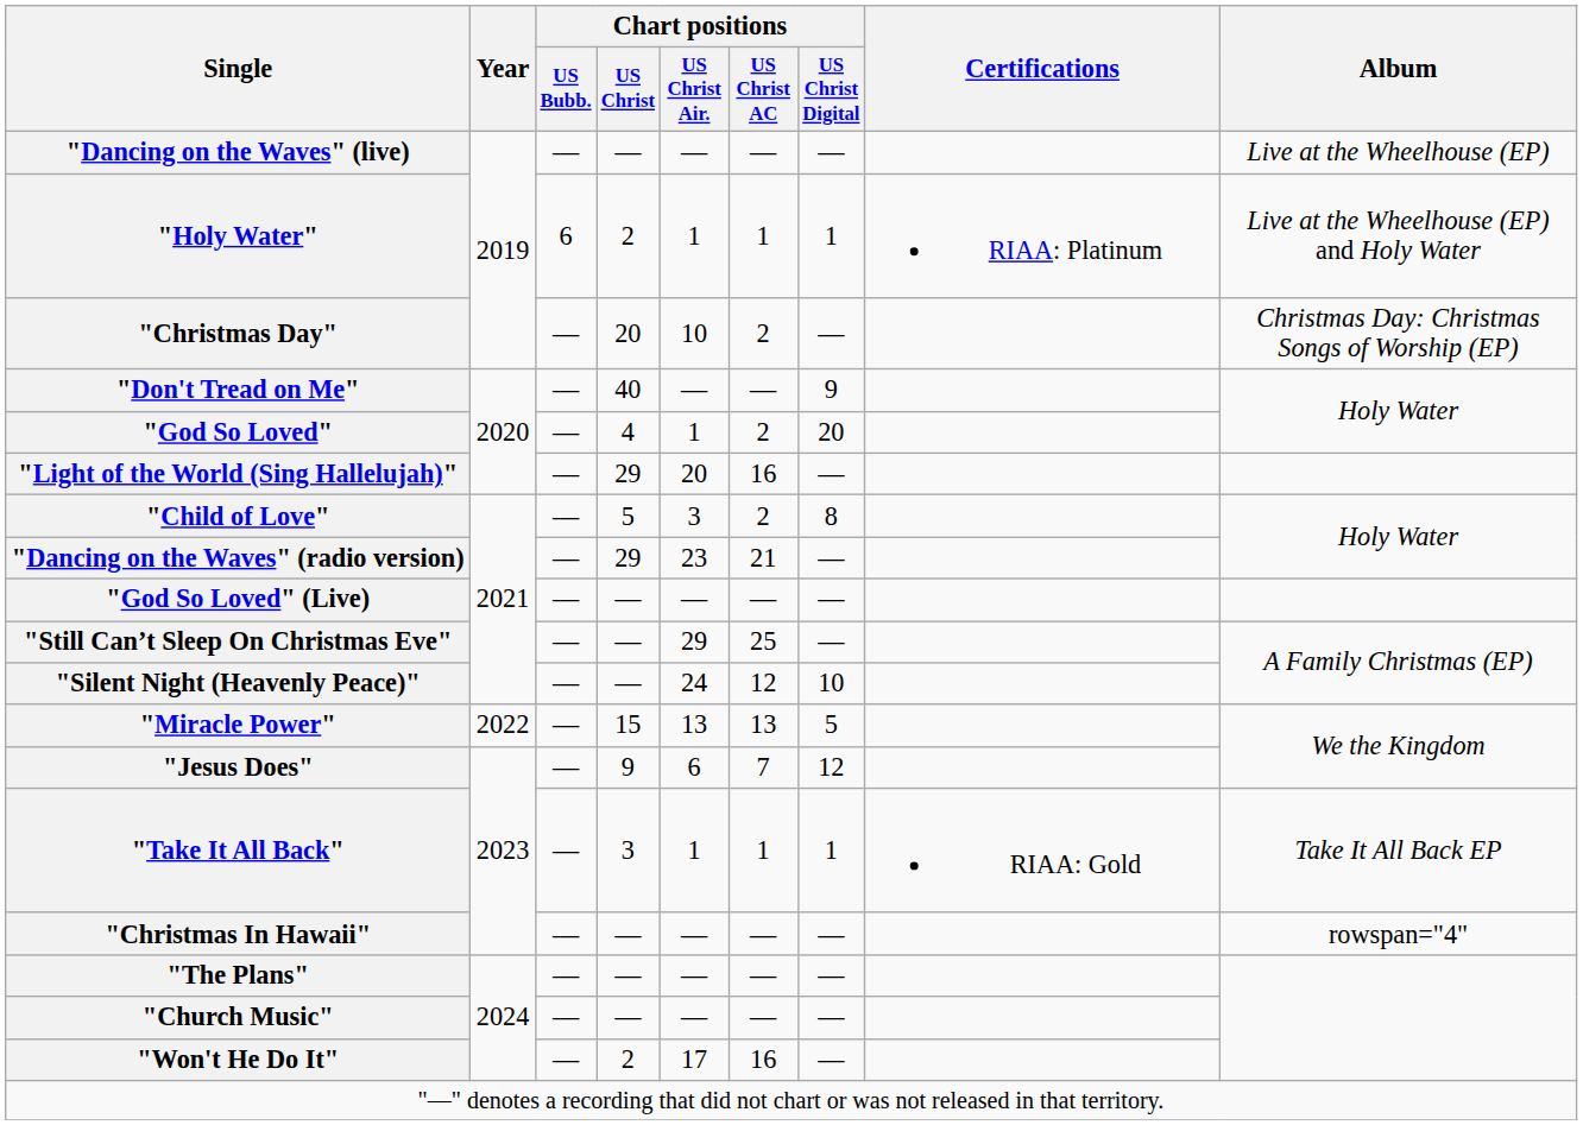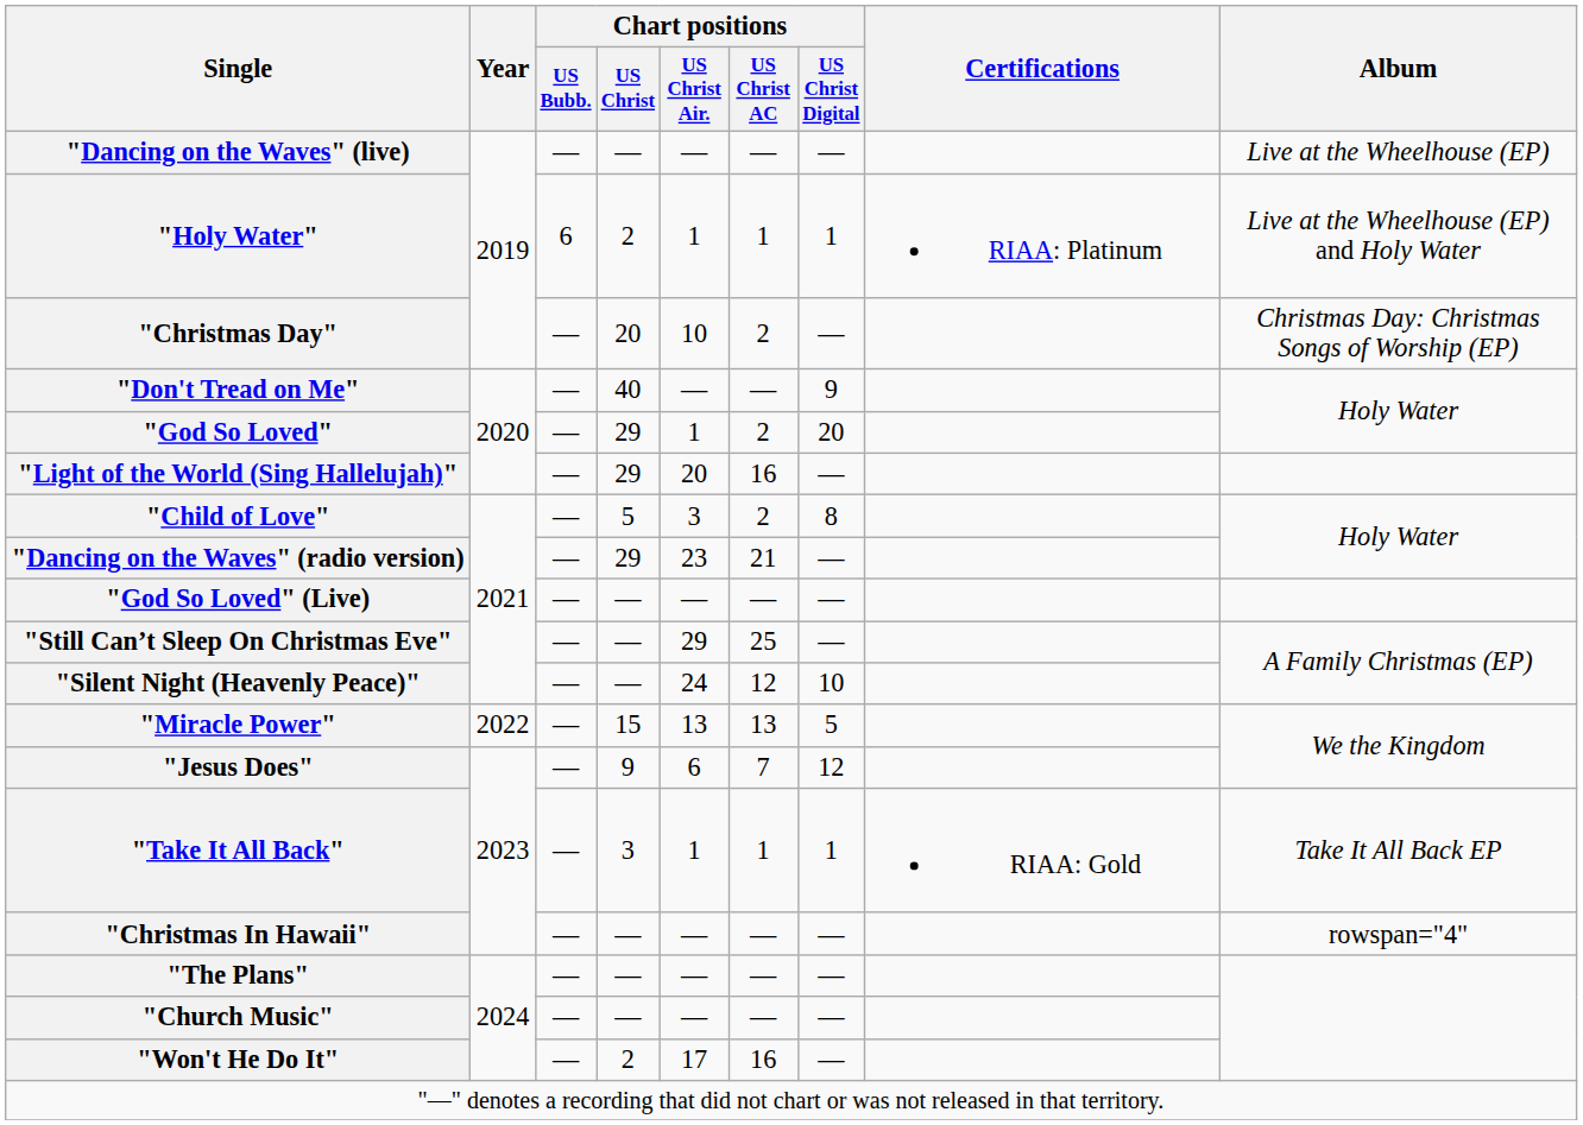 <table class="wikitable plainrowheaders" style="text-align:center;">
 <tr>
 <th rowspan="2">Single</th>
 <th rowspan="2">Year</th>
 <th colspan="5">Chart positions</th>
 <th scope="col" rowspan="2" style="width:13em;"><a href='#'>Certifications</a></th>
 <th rowspan="2" style="width:13em;">Album</th>
 </tr>
 <tr style="font-size:smaller;">
 <th scope="col" style="width:2.5em;font-size:90%;"><a href='#'>US Bubb.</a><br></th>
 <th scope="col" style="width:2.5em;font-size:90%;"><a href='#'>US<br>Christ</a><br></th>
 <th scope="col" style="width:3em;font-size:90%;"><a href='#'>US<br>Christ Air.</a><br></th>
 <th scope="col" style="width:3em;font-size:90%;"><a href='#'>US<br>Christ AC</a><br></th>
 <th scope="col" style="width:2.5em;font-size:90%;"><a href='#'>US<br>Christ Digital</a><br></th>
 </tr>
 <tr>
 <th scope="row">"<a href='#'>Dancing on the Waves</a>" (live)</th>
 <td rowspan="3">2019</td>
 <td>—</td>
 <td>—</td>
 <td>—</td>
 <td>—</td>
 <td>—</td>
 <td></td>
 <td><em>Live at the Wheelhouse (EP)</em></td>
 </tr>
 <tr>
 <th scope="row">"<a href='#'>Holy Water</a>"</th>
 <td>6</td>
 <td>2</td>
 <td>1</td>
 <td>1</td>
 <td>1</td>
 <td><br><ul><li><a href='#'>RIAA</a>: Platinum</li></ul></td>
 <td><em>Live at the Wheelhouse (EP)</em> and <em>Holy Water</em></td>
 </tr>
 <tr>
 <th scope="row">"Christmas Day" <br></th>
 <td>—</td>
 <td>20</td>
 <td>10</td>
 <td>2</td>
 <td>—</td>
 <td></td>
 <td><em>Christmas Day: Christmas Songs of Worship (EP)</em></td>
 </tr>
 <tr>
 <th scope="row">"<a href='#'>Don't Tread on Me</a>"</th>
 <td rowspan="3">2020</td>
 <td>—</td>
 <td>40</td>
 <td>—</td>
 <td>—</td>
 <td>9</td>
 <td></td>
 <td rowspan="2"><em>Holy Water</em></td>
 </tr>
 <tr>
 <th scope="row">"<a href='#'>God So Loved</a>"</th>
 <td>—</td>
-<td>4</td>
+<td>29</td>
 <td>1</td>
 <td>2</td>
 <td>20</td>
 <td></td>
 </tr>
 <tr>
 <th scope="row">"<a href='#'>Light of the World (Sing Hallelujah)</a>"</th>
 <td>—</td>
 <td>29</td>
 <td>20</td>
 <td>16</td>
 <td>—</td>
 <td></td>
 <td></td>
 </tr>
 <tr>
 <th scope="row">"<a href='#'>Child of Love</a>" <br></th>
 <td rowspan="5">2021</td>
 <td>—</td>
 <td>5</td>
 <td>3</td>
 <td>2</td>
 <td>8</td>
 <td></td>
 <td rowspan="2"><em>Holy Water</em></td>
 </tr>
 <tr>
 <th scope="row">"<a href='#'>Dancing on the Waves</a>" (radio version)</th>
 <td>—</td>
 <td>29</td>
 <td>23</td>
 <td>21</td>
 <td>—</td>
 </tr>
 <tr>
 <th scope="row">"<a href='#'>God So Loved</a>" (Live) <br></th>
 <td>—</td>
 <td>—</td>
 <td>—</td>
 <td>—</td>
 <td>—</td>
 <td></td>
 <td></td>
 </tr>
 <tr>
 <th scope="row">"Still Can’t Sleep On Christmas Eve"</th>
 <td>—</td>
 <td>—</td>
 <td>29</td>
 <td>25</td>
 <td>—</td>
 <td></td>
 <td rowspan="2"><em>A Family Christmas (EP)</em></td>
 </tr>
 <tr>
 <th scope="row">"Silent Night (Heavenly Peace)" <br></th>
 <td>—</td>
 <td>—</td>
 <td>24</td>
 <td>12</td>
 <td>10</td>
 <td></td>
 </tr>
 <tr>
 <th scope="row">"<a href='#'>Miracle Power</a>"</th>
 <td>2022</td>
 <td>—</td>
 <td>15</td>
 <td>13</td>
 <td>13</td>
 <td>5</td>
 <td></td>
 <td rowspan="2"><em>We the Kingdom</em></td>
 </tr>
 <tr>
 <th scope="row">"Jesus Does"</th>
 <td rowspan="3">2023</td>
 <td>—</td>
 <td>9</td>
 <td>6</td>
 <td>7</td>
 <td>12</td>
 <td></td>
 </tr>
 <tr>
 <th scope="row">"<a href='#'>Take It All Back</a>"<br></th>
 <td>—</td>
 <td>3</td>
 <td>1</td>
 <td>1</td>
 <td>1</td>
 <td><br><ul><li>RIAA: Gold</li></ul></td>
 <td><em>Take It All Back EP</em></td>
 </tr>
 <tr>
 <th scope="row">"Christmas In Hawaii"</th>
 <td>—</td>
 <td>—</td>
 <td>—</td>
 <td>—</td>
 <td>—</td>
 <td></td>
 <td>rowspan="4" </td>
 </tr>
 <tr>
 <th scope="row">"The Plans"</th>
 <td rowspan="3">2024</td>
 <td>—</td>
 <td>—</td>
 <td>—</td>
 <td>—</td>
 <td>—</td>
 <td></td>
 </tr>
 <tr>
 <th scope="row">"Church Music"</th>
 <td>—</td>
 <td>—</td>
 <td>—</td>
 <td>—</td>
 <td>—</td>
 <td></td>
 </tr>
 <tr>
 <th scope="row">"Won't He Do It"</th>
 <td>—</td>
 <td>2</td>
 <td>17</td>
 <td>16</td>
 <td>—</td>
 <td></td>
 </tr>
 <tr>
 <td colspan="9" style="font-size:90%">"—" denotes a recording that did not chart or was not released in that territory.</td>
 </tr>
 </table>
